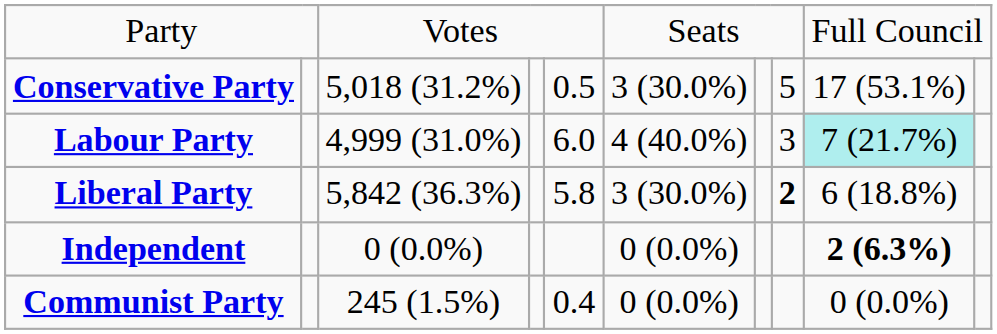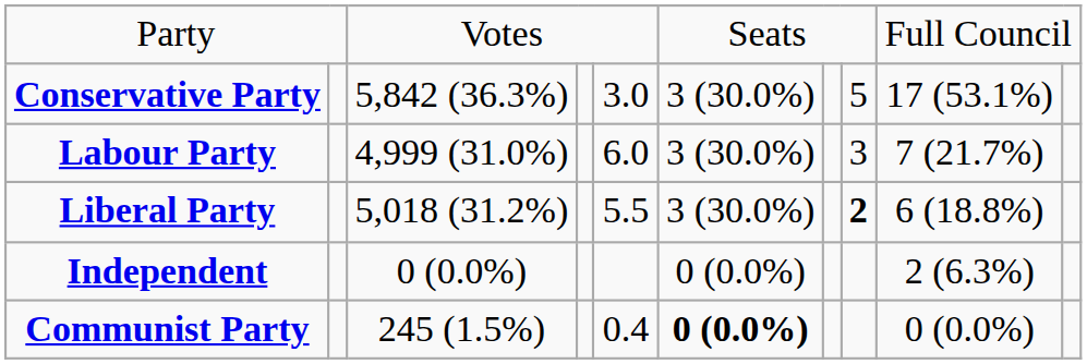 <table class=wikitable style="text-align:center;">
 <tr>
 <td colspan=2>Party</td>
 <td colspan=3>Votes</td>
 <td colspan=3>Seats</td>
 <td colspan=3>Full Council</td>
 </tr>
 <tr>
 <td><strong><a href='#'>Conservative Party</a></strong></td>
 <td style="background:"></td>
-<td>5,018 (31.2%)</td>
+<td>5,842 (36.3%)</td>
 <td></td>
-<td> 0.5</td>
+<td> 3.0</td>
 <td>3 (30.0%)</td>
 <td></td>
 <td> 5</td>
 <td>17 (53.1%)</td>
 <td></td>
 </tr>
 <tr>
 <td><strong><a href='#'>Labour Party</a></strong></td>
 <td style="background:"></td>
 <td>4,999 (31.0%)</td>
 <td></td>
 <td> 6.0</td>
-<td>4 (40.0%)</td>
+<td>3 (30.0%)</td>
 <td></td>
 <td> 3</td>
-<td style="background: paleturquoise;">7 (21.7%)</td>
+<td>7 (21.7%)</td>
 <td></td>
 </tr>
 <tr>
 <td><strong><a href='#'>Liberal Party</a></strong></td>
 <td style="background:"></td>
-<td>5,842 (36.3%)</td>
+<td>5,018 (31.2%)</td>
 <td></td>
-<td> 5.8</td>
+<td> 5.5</td>
 <td>3 (30.0%)</td>
 <td></td>
 <td><strong> 2</strong></td>
 <td>6 (18.8%)</td>
 <td></td>
 </tr>
 <tr>
 <td><strong><a href='#'>Independent</a></strong></td>
 <td style="background:"></td>
 <td>0 (0.0%)</td>
 <td></td>
 <td></td>
 <td>0 (0.0%)</td>
 <td></td>
 <td></td>
-<td><strong>2 (6.3%)</strong></td>
+<td>2 (6.3%)</td>
 <td></td>
 </tr>
 <tr>
 <td><strong><a href='#'>Communist Party</a></strong></td>
 <td style="background:"></td>
 <td>245 (1.5%)</td>
 <td></td>
 <td> 0.4</td>
-<td>0 (0.0%)</td>
+<td><strong>0 (0.0%)</strong></td>
 <td></td>
 <td></td>
 <td>0 (0.0%)</td>
 <td></td>
 </tr>
 </table>
